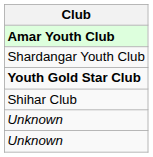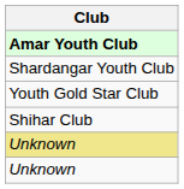 <table class="wikitable" border="1">
 <tr>
 <th>Club</th>
 </tr>
 <tr bgcolor=#dfd>
 <td><strong>Amar Youth Club</strong></td>
 </tr>
 <tr>
 <td>Shardangar Youth Club</td>
 </tr>
 <tr>
-<td><strong>Youth Gold Star Club</strong></td>
+<td>Youth Gold Star Club</td>
 </tr>
 <tr>
 <td>Shihar Club</td>
 </tr>
 <tr>
-<td><em>Unknown</em></td>
+<td style="background: khaki;"><em>Unknown</em></td>
 </tr>
 <tr>
 <td><em>Unknown</em></td>
 </tr>
 </table>
